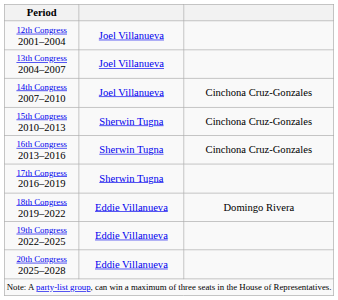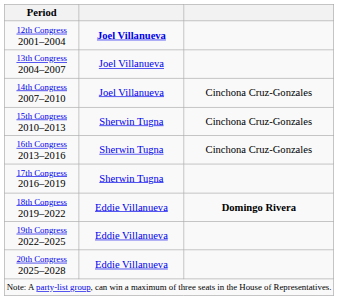 <table class="wikitable" style="text-align:center">
 <tr>
 <th>Period</th>
 <th></th>
 <th></th>
 </tr>
 <tr>
 <td><small><a href='#'>12th Congress</a></small><br>2001–2004</td>
-<td><a href='#'>Joel Villanueva</a><br></td>
+<td><strong><a href='#'>Joel Villanueva</a><br></strong></td>
 <td></td>
 </tr>
 <tr>
 <td><small><a href='#'>13th Congress</a></small><br>2004–2007</td>
 <td><a href='#'>Joel Villanueva</a></td>
 <td></td>
 </tr>
 <tr>
 <td><small><a href='#'>14th Congress</a></small><br>2007–2010</td>
 <td><a href='#'>Joel Villanueva</a></td>
 <td>Cinchona Cruz-Gonzales</td>
 </tr>
 <tr>
 <td><small><a href='#'>15th Congress</a></small><br>2010–2013</td>
 <td><a href='#'>Sherwin Tugna</a></td>
 <td>Cinchona Cruz-Gonzales</td>
 </tr>
 <tr>
 <td><small><a href='#'>16th Congress</a></small><br>2013–2016</td>
 <td><a href='#'>Sherwin Tugna</a></td>
 <td>Cinchona Cruz-Gonzales</td>
 </tr>
 <tr>
 <td><small><a href='#'>17th Congress</a></small><br>2016–2019</td>
 <td><a href='#'>Sherwin Tugna</a></td>
 <td></td>
 </tr>
 <tr>
 <td><small><a href='#'>18th Congress</a></small><br>2019–2022</td>
 <td><a href='#'>Eddie Villanueva</a></td>
-<td>Domingo Rivera</td>
+<td><strong>Domingo Rivera</strong></td>
 </tr>
 <tr>
 <td><small><a href='#'>19th Congress</a></small><br>2022–2025</td>
 <td><a href='#'>Eddie Villanueva</a></td>
 <td></td>
 </tr>
 <tr>
 <td><small><a href='#'>20th Congress</a></small><br>2025–2028</td>
 <td><a href='#'>Eddie Villanueva</a></td>
 <td></td>
 </tr>
 <tr>
 <td colspan=3><small>Note: A <a href='#'>party-list group</a>, can win a maximum of three seats in the House of Representatives.</small></td>
 </tr>
 </table>
